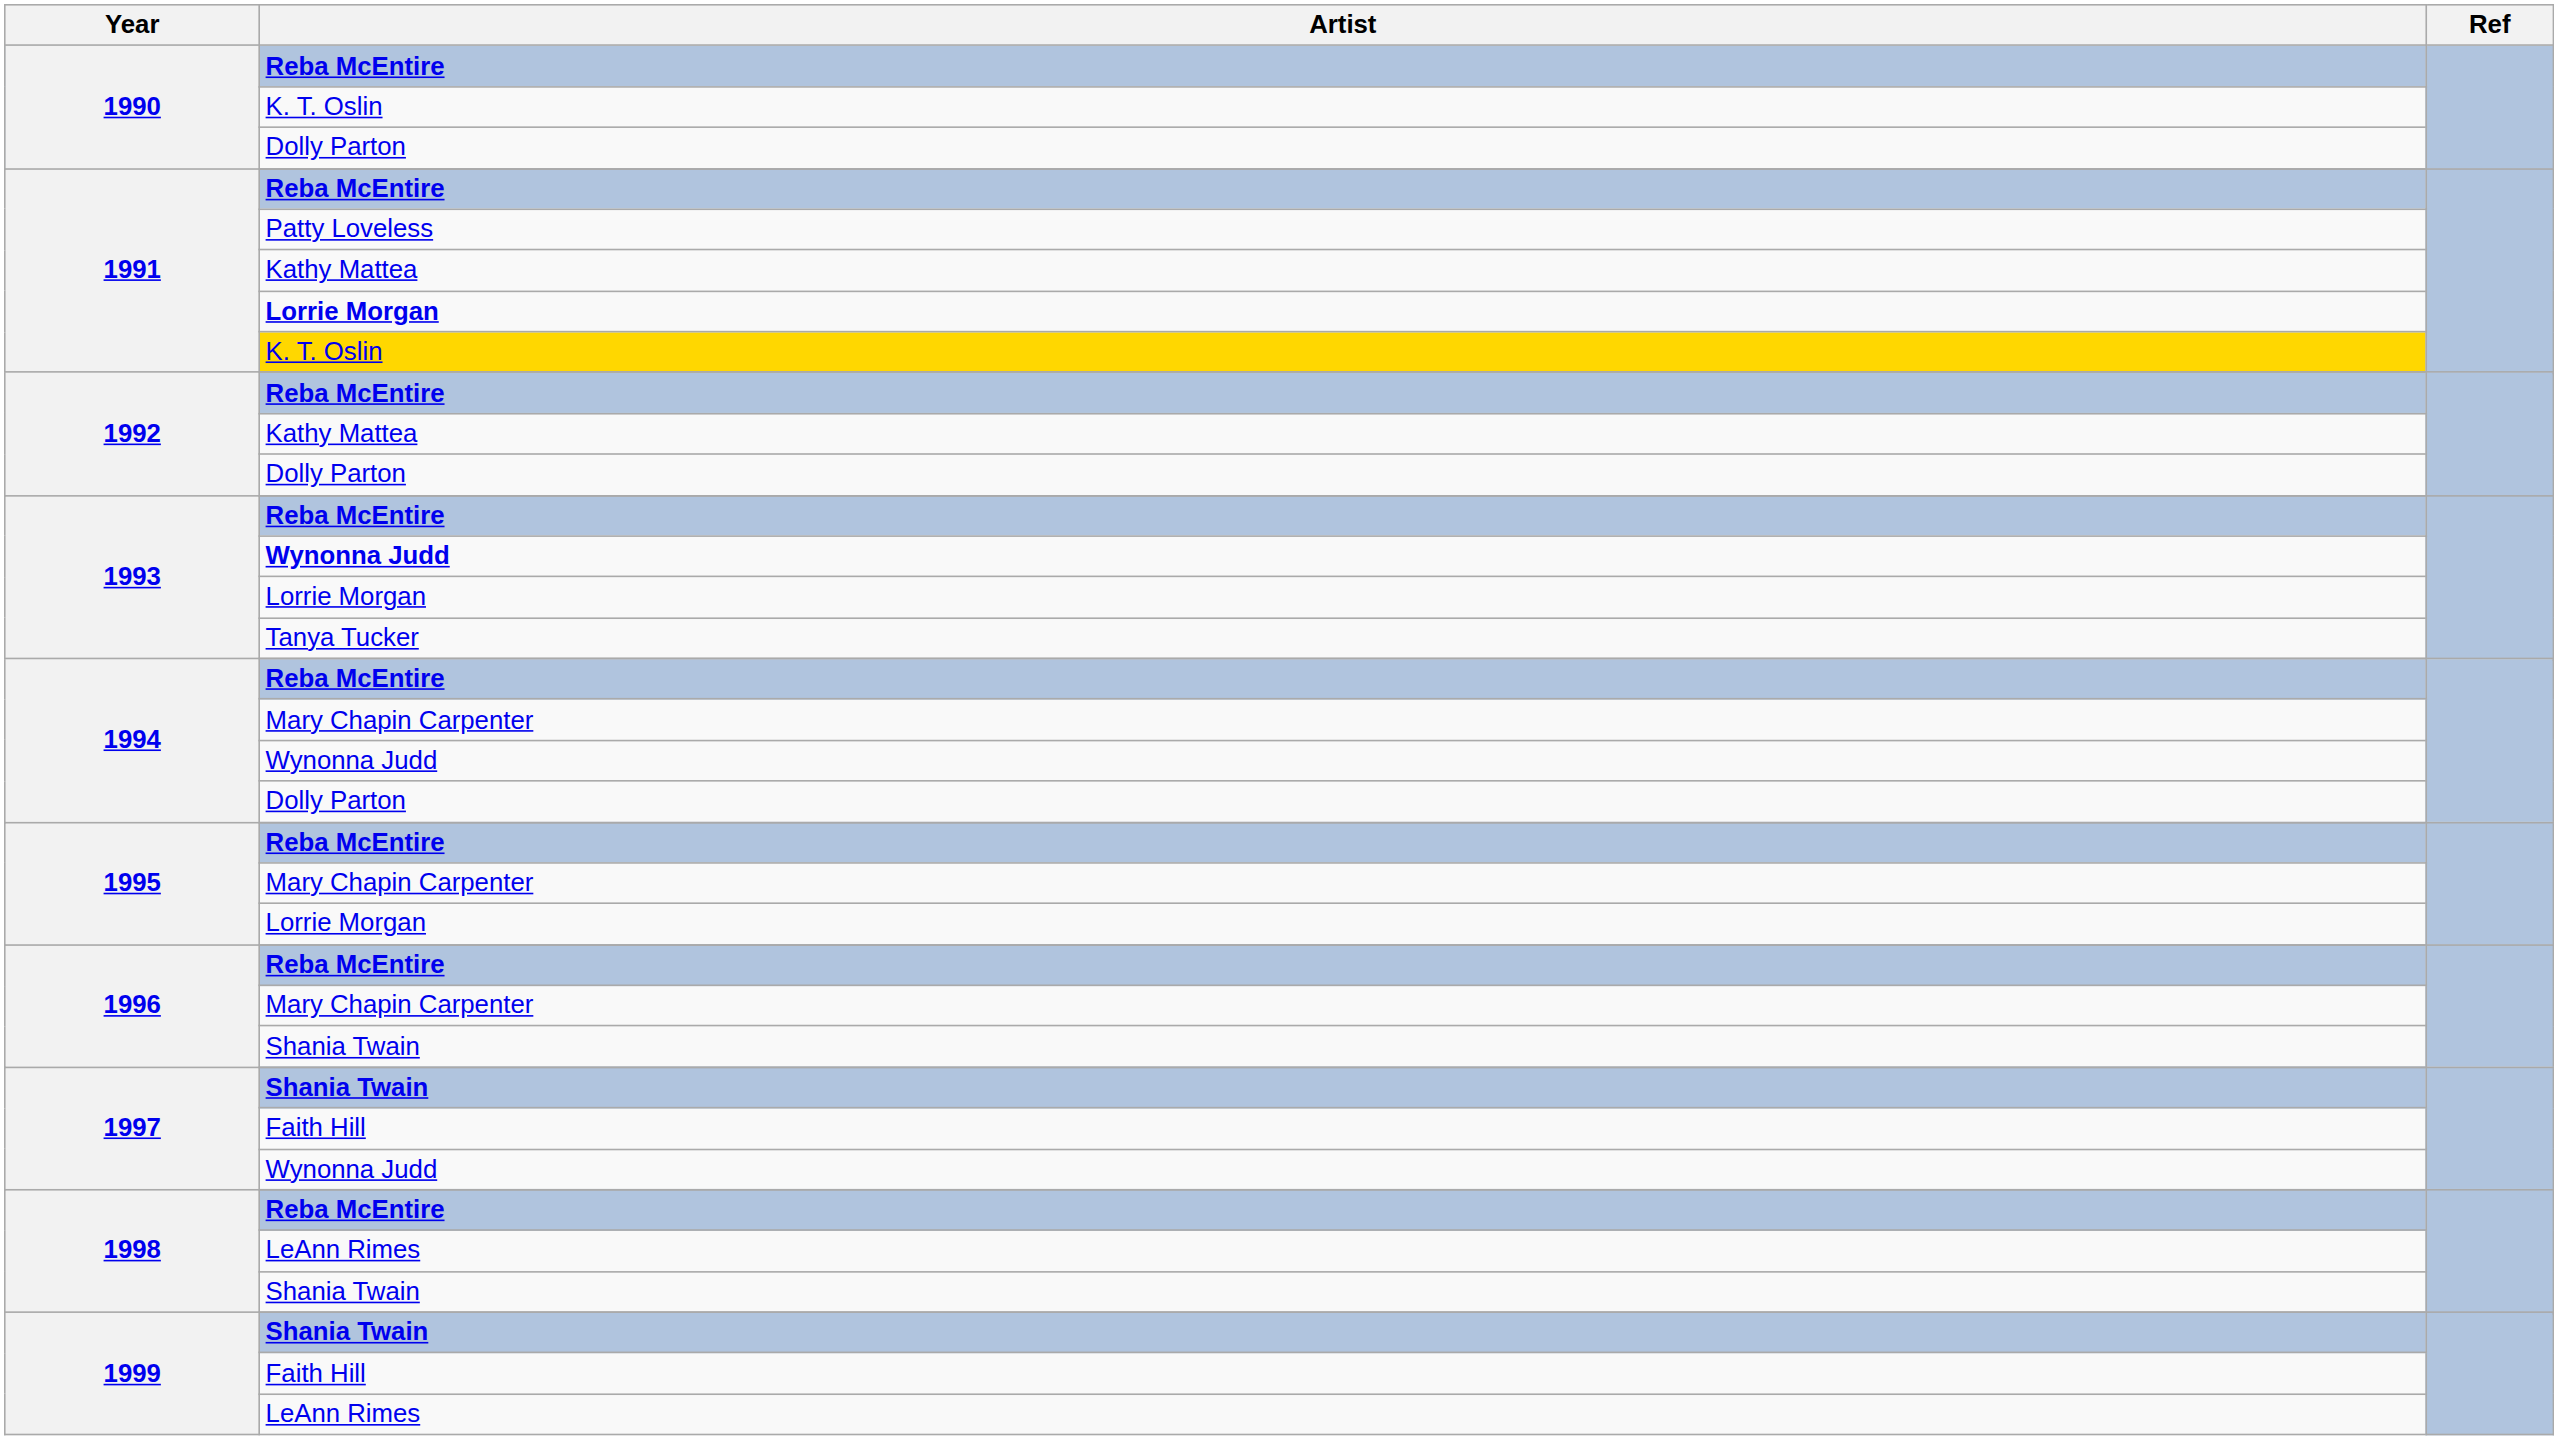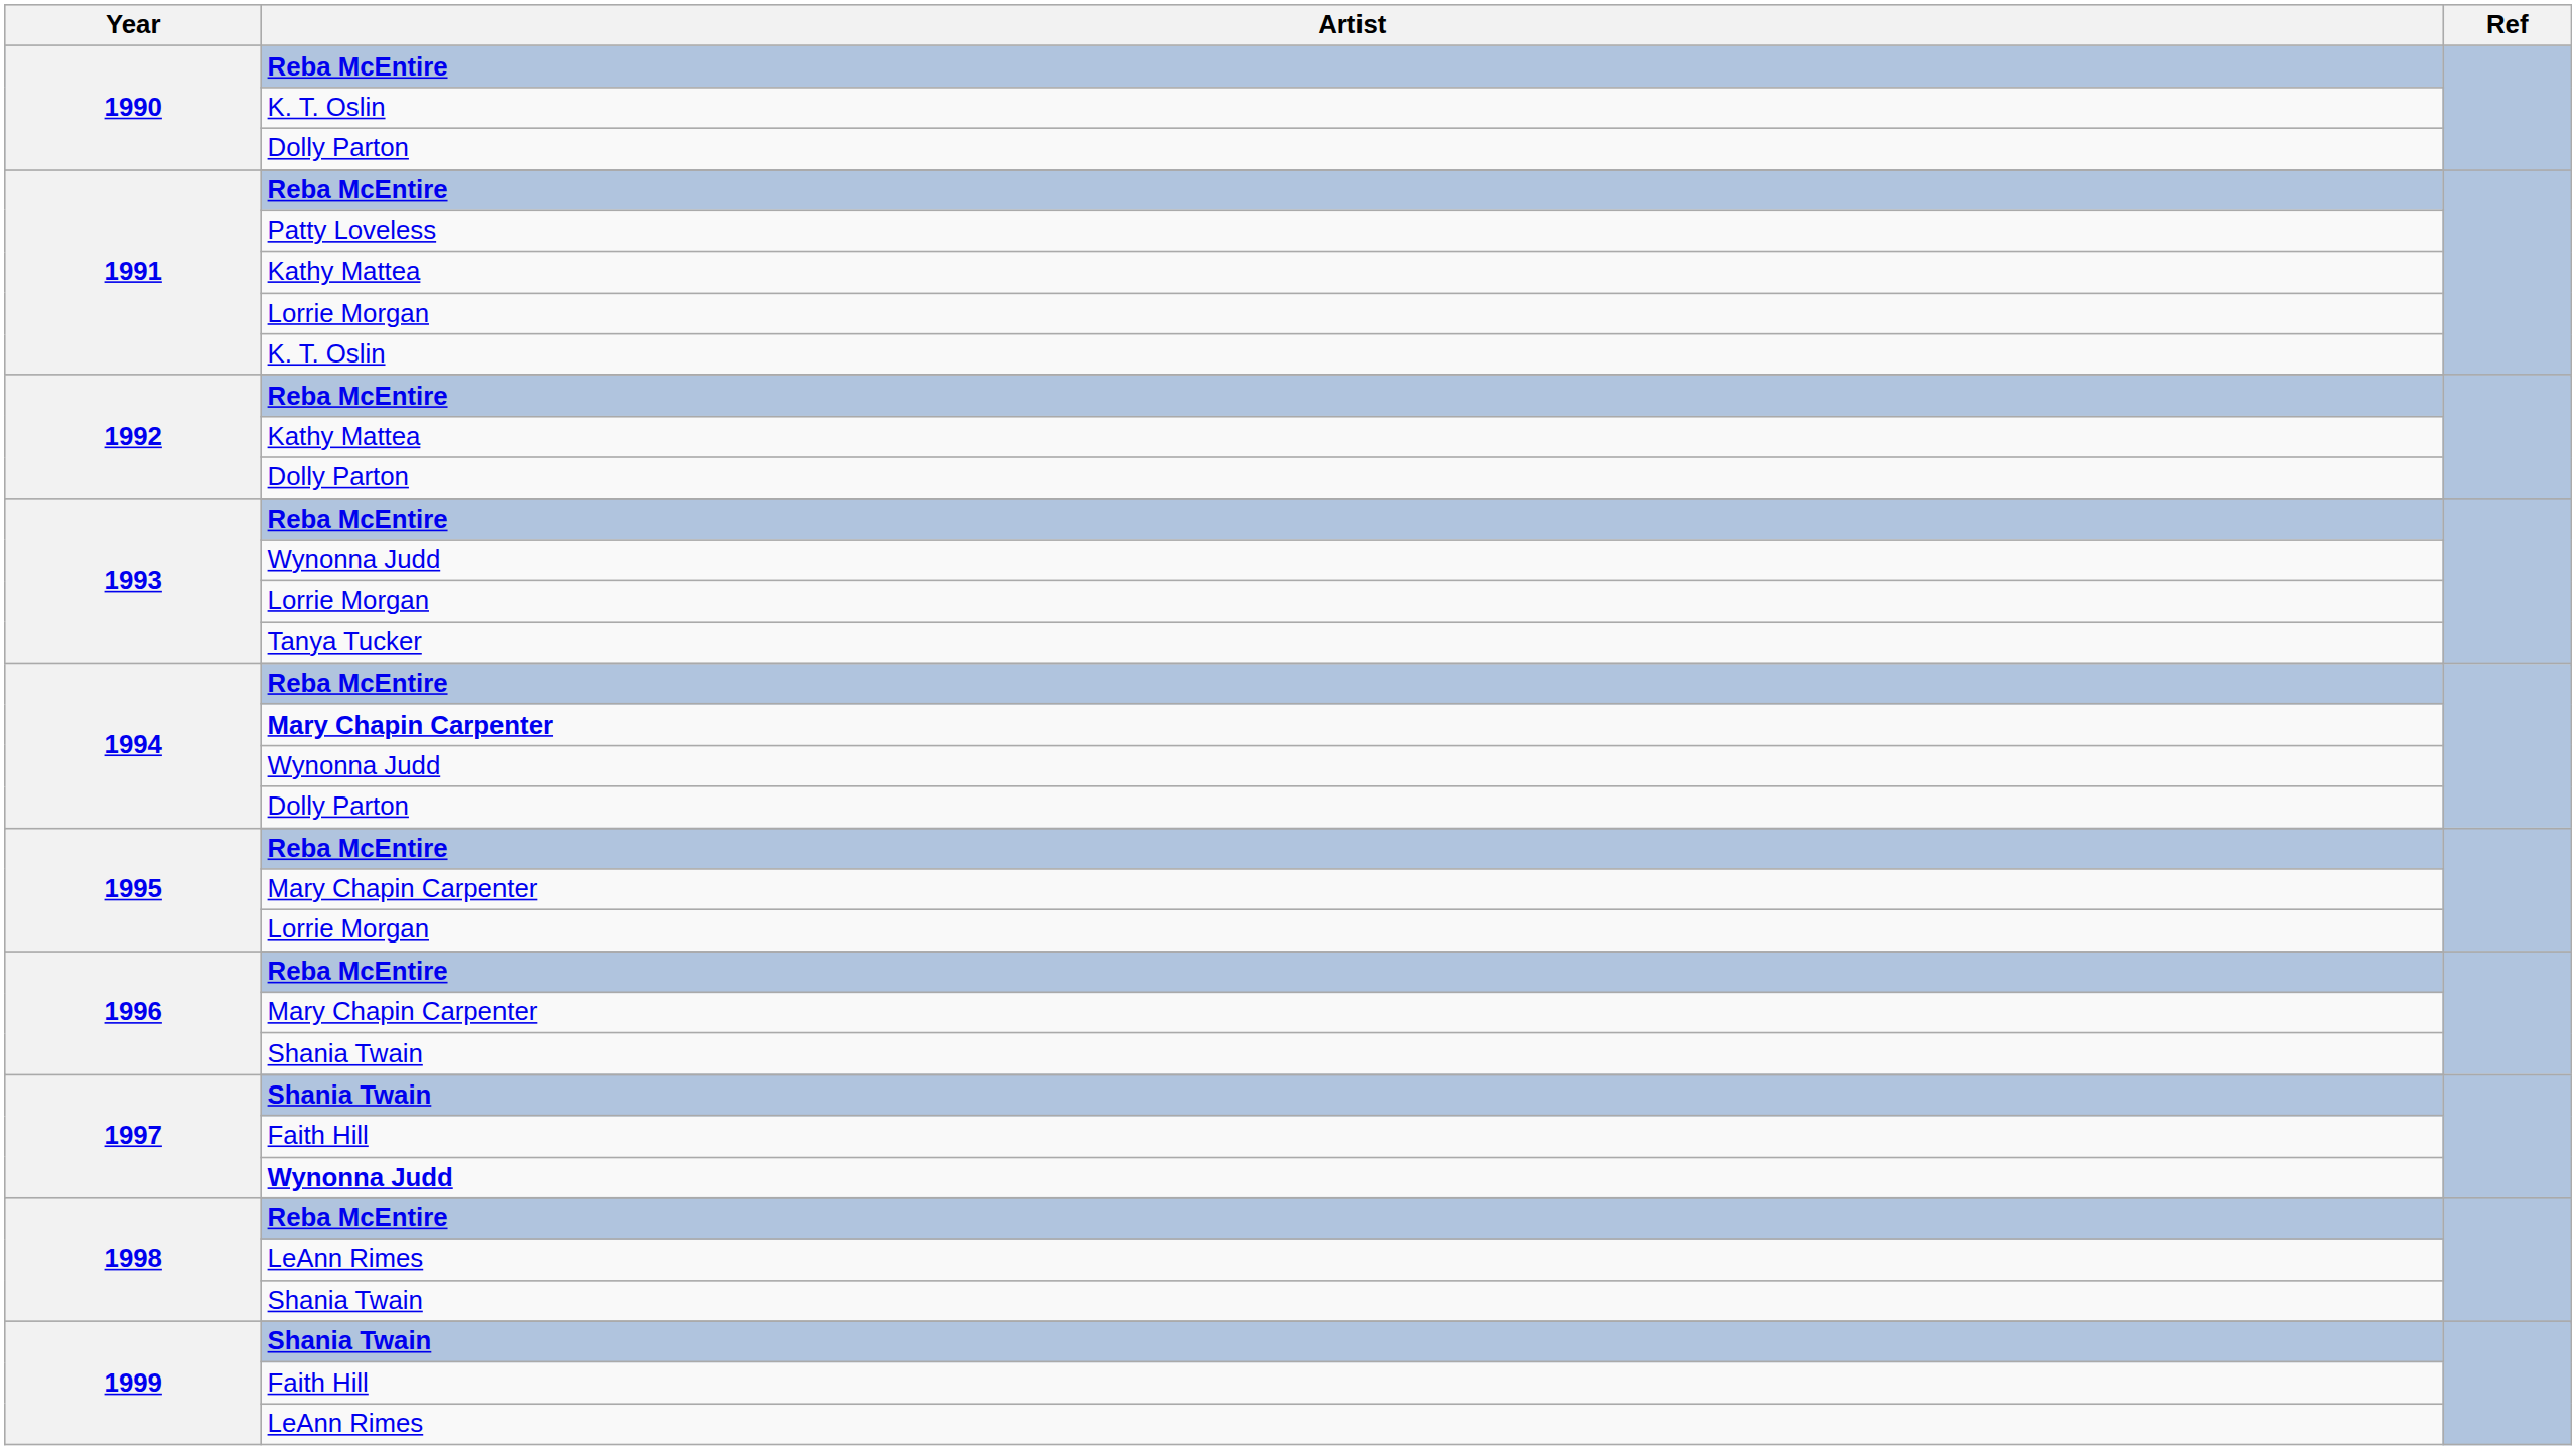 <table class="wikitable" width="100%">
 <tr>
 <th width="10%">Year</th>
 <th width="85%">Artist</th>
 <th width="5%">Ref</th>
 </tr>
 <tr style="background:#B0C4DE">
 <th rowspan="3"><a href='#'>1990<br></a></th>
 <td><strong><a href='#'>Reba McEntire</a></strong></td>
 <td rowspan="4" align="center"></td>
 </tr>
 <tr>
 <td><a href='#'>K. T. Oslin</a></td>
 </tr>
 <tr>
 <td><a href='#'>Dolly Parton</a></td>
 </tr>
 <tr>
 <th rowspan="6" align="center"><a href='#'>1991<br></a></th>
 </tr>
 <tr style="background:#B0C4DE">
 <td><strong><a href='#'>Reba McEntire</a></strong></td>
 <td rowspan="6" align="center"></td>
 </tr>
 <tr>
 <td><a href='#'>Patty Loveless</a></td>
 </tr>
 <tr>
 <td><a href='#'>Kathy Mattea</a></td>
 </tr>
 <tr>
-<td><strong><a href='#'>Lorrie Morgan</a></strong></td>
+<td><a href='#'>Lorrie Morgan</a></td>
 </tr>
 <tr>
-<td style="background: gold;"><a href='#'>K. T. Oslin</a></td>
+<td><a href='#'>K. T. Oslin</a></td>
 </tr>
 <tr>
 <th rowspan="4" align="center"><a href='#'>1992<br></a></th>
 </tr>
 <tr style="background:#B0C4DE">
 <td><strong><a href='#'>Reba McEntire</a></strong></td>
 <td rowspan="4" align="center"></td>
 </tr>
 <tr>
 <td><a href='#'>Kathy Mattea</a></td>
 </tr>
 <tr>
 <td><a href='#'>Dolly Parton</a></td>
 </tr>
 <tr>
 <th rowspan="5" align="center"><a href='#'>1993<br></a></th>
 </tr>
 <tr style="background:#B0C4DE">
 <td><strong><a href='#'>Reba McEntire</a></strong></td>
 <td rowspan="5" align="center"></td>
 </tr>
 <tr>
-<td><strong><a href='#'>Wynonna Judd</a></strong></td>
+<td><a href='#'>Wynonna Judd</a></td>
 </tr>
 <tr>
 <td><a href='#'>Lorrie Morgan</a></td>
 </tr>
 <tr>
 <td><a href='#'>Tanya Tucker</a></td>
 </tr>
 <tr>
 <th rowspan="5" align="center"><a href='#'>1994<br></a></th>
 </tr>
 <tr style="background:#B0C4DE">
 <td><strong><a href='#'>Reba McEntire</a></strong></td>
 <td rowspan="5" align="center"></td>
 </tr>
 <tr>
-<td><a href='#'>Mary Chapin Carpenter</a></td>
+<td><strong><a href='#'>Mary Chapin Carpenter</a></strong></td>
 </tr>
 <tr>
 <td><a href='#'>Wynonna Judd</a></td>
 </tr>
 <tr>
 <td><a href='#'>Dolly Parton</a></td>
 </tr>
 <tr>
 <th rowspan="4" align="center"><a href='#'>1995<br></a></th>
 </tr>
 <tr style="background:#B0C4DE">
 <td><strong><a href='#'>Reba McEntire</a></strong></td>
 <td rowspan="4" align="center"></td>
 </tr>
 <tr>
 <td><a href='#'>Mary Chapin Carpenter</a></td>
 </tr>
 <tr>
 <td><a href='#'>Lorrie Morgan</a></td>
 </tr>
 <tr>
 <th rowspan="4" align="center"><a href='#'>1996<br></a></th>
 </tr>
 <tr style="background:#B0C4DE">
 <td><strong><a href='#'>Reba McEntire</a></strong></td>
 <td rowspan="4" align="center"></td>
 </tr>
 <tr>
 <td><a href='#'>Mary Chapin Carpenter</a></td>
 </tr>
 <tr>
 <td><a href='#'>Shania Twain</a></td>
 </tr>
 <tr>
 <th rowspan="4" align="center"><a href='#'>1997<br></a></th>
 </tr>
 <tr style="background:#B0C4DE">
 <td><strong><a href='#'>Shania Twain</a></strong></td>
 <td rowspan="4" align="center"></td>
 </tr>
 <tr>
 <td><a href='#'>Faith Hill</a></td>
 </tr>
 <tr>
-<td><a href='#'>Wynonna Judd</a></td>
+<td><strong><a href='#'>Wynonna Judd</a></strong></td>
 </tr>
 <tr>
 <th rowspan="4" align="center"><a href='#'>1998<br></a></th>
 </tr>
 <tr style="background:#B0C4DE">
 <td><strong><a href='#'>Reba McEntire</a></strong></td>
 <td rowspan="4" align="center"></td>
 </tr>
 <tr>
 <td><a href='#'>LeAnn Rimes</a></td>
 </tr>
 <tr>
 <td><a href='#'>Shania Twain</a></td>
 </tr>
 <tr>
 <th rowspan="4" align="center"><a href='#'>1999<br></a></th>
 </tr>
 <tr style="background:#B0C4DE">
 <td><strong><a href='#'>Shania Twain</a></strong></td>
 <td rowspan="4" align="center"></td>
 </tr>
 <tr>
 <td><a href='#'>Faith Hill</a></td>
 </tr>
 <tr>
 <td><a href='#'>LeAnn Rimes</a></td>
 </tr>
 </table>
